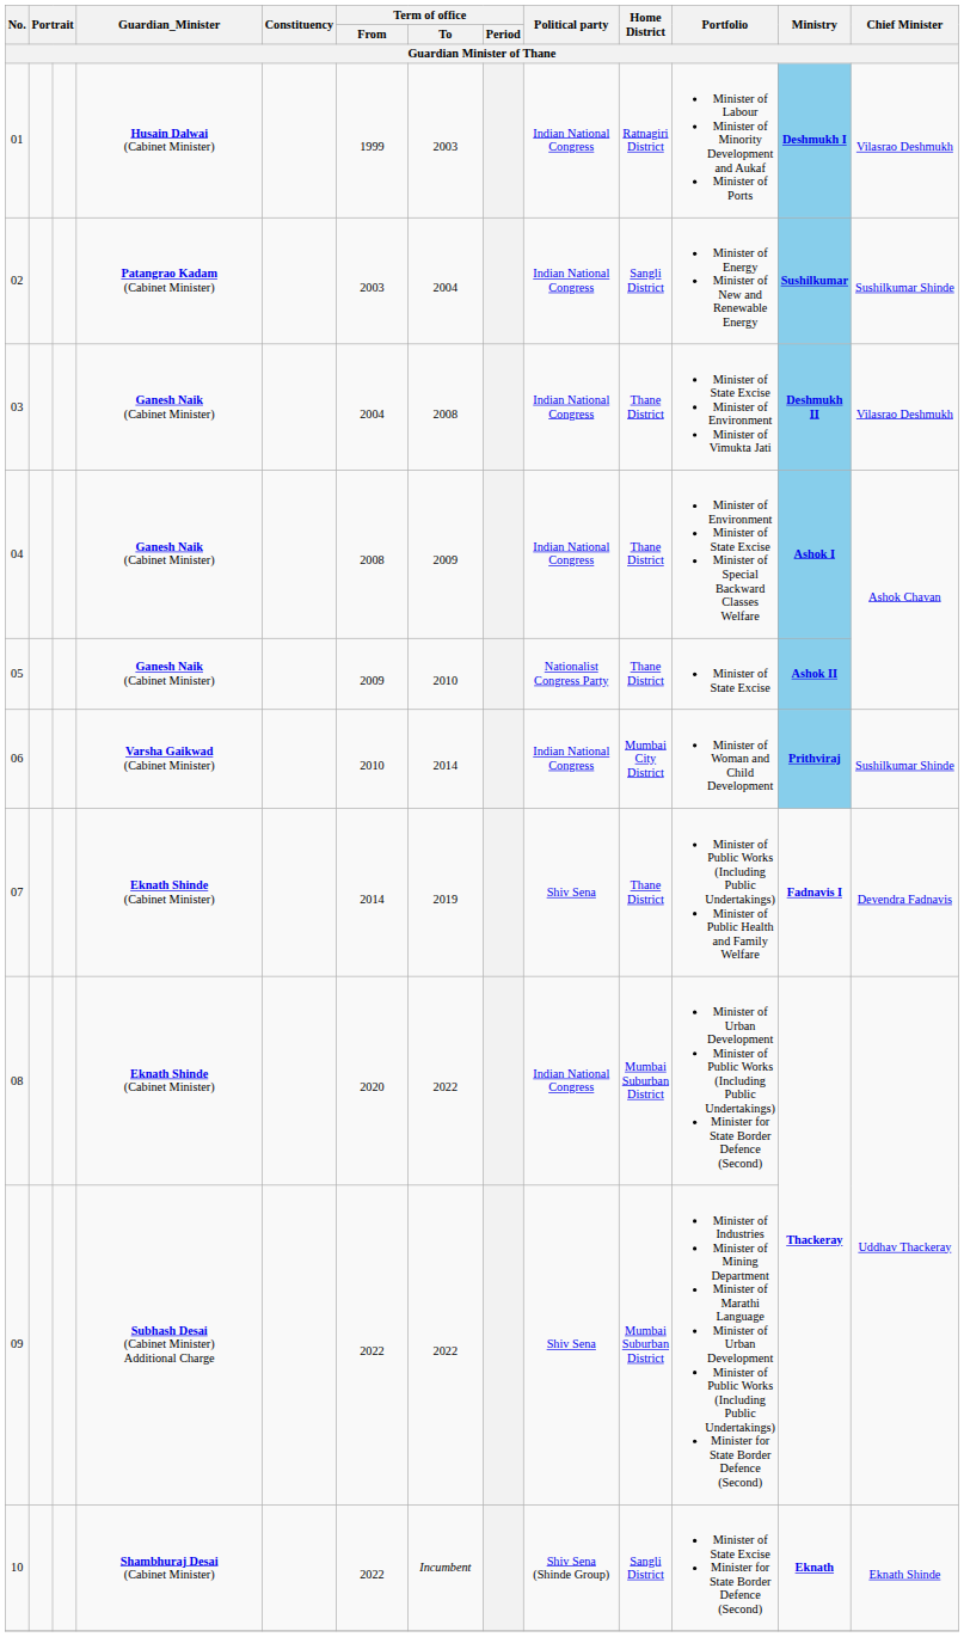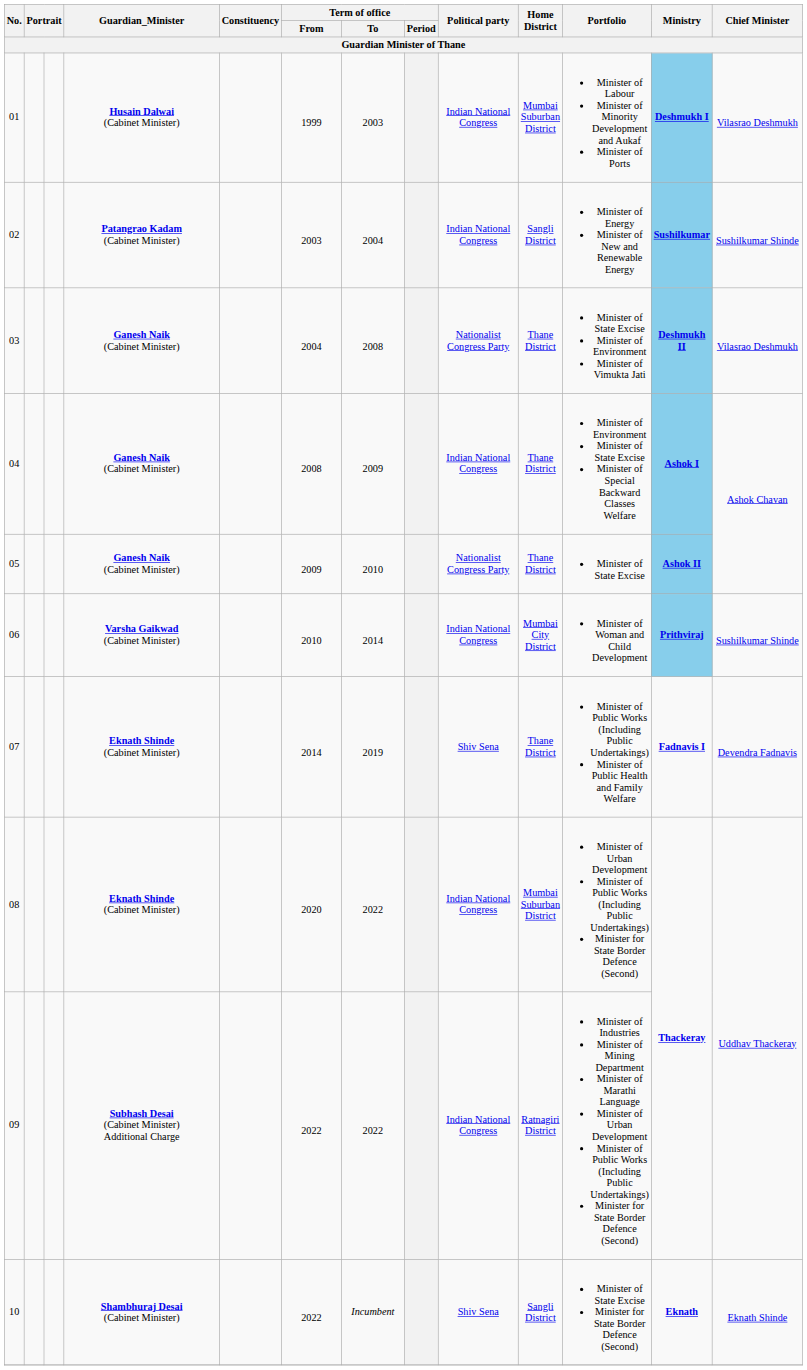 <table class="wikitable" style="text-align:center">
 <tr>
 <th rowspan="2">No.</th>
 <th rowspan="2" colspan="2">Portrait</th>
 <th rowspan="2" style="width:16em">Guardian_Minister</th>
 <th rowspan="2">Constituency</th>
 <th colspan="3">Term of office</th>
 <th rowspan="2" style="width:8em">Political party</th>
 <th rowspan="2">Home District</th>
 <th rowspan="2">Portfolio</th>
 <th rowspan="2">Ministry</th>
 <th rowspan="2" style="width:9em">Chief Minister</th>
 </tr>
 <tr>
 <th style="width:6em">From</th>
 <th style="width:6em">To</th>
 <th>Period</th>
 </tr>
 <tr>
 <th colspan="13">Guardian Minister of Thane</th>
 </tr>
 <tr>
 <td>01</td>
 <td></td>
 <td></td>
 <td><strong><a href='#'>Husain Dalwai</a></strong> <br> (Cabinet Minister)</td>
 <td><br> </td>
 <td><br>1999</td>
 <td><br>2003</td>
 <th></th>
 <td><a href='#'>Indian National Congress</a></td>
-<td><a href='#'>Ratnagiri District</a></td>
+<td><a href='#'>Mumbai Suburban District</a></td>
 <td><br><ul><li>Minister of Labour</li><li>Minister of  Minority Development and Aukaf</li><li>Minister of Ports</li></ul></td>
 <td rowspan="1" bgcolor="#87CEEB"><a href='#'><strong>Deshmukh I</strong></a></td>
 <td rowspan="1"> <br><a href='#'>Vilasrao Deshmukh</a></td>
 </tr>
 <tr>
 <td>02</td>
 <td></td>
 <td></td>
 <td><strong><a href='#'>Patangrao Kadam</a></strong> <br> (Cabinet Minister)</td>
 <td><br> </td>
 <td><br>2003</td>
 <td><br>2004</td>
 <th></th>
 <td><a href='#'>Indian National Congress</a></td>
 <td><a href='#'>Sangli District</a></td>
 <td><br><ul><li>Minister of Energy</li><li>Minister of New and Renewable Energy</li></ul></td>
 <td rowspan="1" bgcolor="#87CEEB"><a href='#'><strong>Sushilkumar</strong></a></td>
 <td rowspan="1"> <br><a href='#'>Sushilkumar Shinde</a></td>
 </tr>
 <tr>
 <td>03</td>
 <td></td>
 <td></td>
 <td><strong><a href='#'>Ganesh Naik</a></strong> <br> (Cabinet Minister)</td>
 <td></td>
 <td><br>2004</td>
 <td><br>2008</td>
 <th></th>
-<td><a href='#'>Indian National Congress</a></td>
+<td><a href='#'>Nationalist Congress Party</a></td>
 <td><a href='#'>Thane District</a></td>
 <td><br><ul><li>Minister of State Excise</li><li>Minister of Environment</li><li>Minister of Vimukta Jati</li></ul></td>
 <td rowspan="1" bgcolor="#87CEEB"><a href='#'><strong>Deshmukh II</strong></a></td>
 <td rowspan="1"> <br><a href='#'>Vilasrao Deshmukh</a></td>
 </tr>
 <tr>
 <td>04</td>
 <td></td>
 <td></td>
 <td><strong><a href='#'>Ganesh Naik</a></strong> <br> (Cabinet Minister)</td>
 <td></td>
 <td><br>2008</td>
 <td><br>2009</td>
 <th></th>
 <td><a href='#'>Indian National Congress</a></td>
 <td><a href='#'>Thane District</a></td>
 <td><br><ul><li>Minister of Environment</li><li>Minister of State Excise</li><li>Minister of Special Backward Classes Welfare</li></ul></td>
 <td rowspan="1" bgcolor="#87CEEB"><a href='#'><strong>Ashok I</strong></a></td>
 <td rowspan="2"><br><a href='#'>Ashok Chavan</a></td>
 </tr>
 <tr>
 <td>05</td>
 <td></td>
 <td></td>
 <td><strong><a href='#'>Ganesh Naik</a></strong>  <br> (Cabinet Minister)</td>
 <td></td>
 <td><br>2009</td>
 <td><br>2010</td>
 <th></th>
 <td><a href='#'>Nationalist Congress Party</a></td>
 <td><a href='#'>Thane District</a></td>
 <td><br><ul><li>Minister of State Excise</li></ul></td>
 <td rowspan="1"bgcolor="#87CEEB"><a href='#'><strong>Ashok II</strong></a></td>
 </tr>
 <tr>
 <td>06</td>
 <td></td>
 <td></td>
 <td><strong><a href='#'>Varsha Gaikwad</a></strong> <br> (Cabinet Minister)</td>
 <td><br> </td>
 <td><br>2010</td>
 <td><br>2014</td>
 <th></th>
 <td><a href='#'>Indian National Congress</a></td>
 <td><a href='#'>Mumbai City District</a></td>
 <td><br><ul><li>Minister of Woman and Child Development</li></ul></td>
 <td rowspan="1" bgcolor="#87CEEB"><a href='#'><strong>Prithviraj</strong></a></td>
 <td rowspan="1"> <br><a href='#'>Sushilkumar Shinde</a></td>
 </tr>
 <tr>
 <td>07</td>
 <td></td>
 <td></td>
 <td><strong><a href='#'>Eknath Shinde</a></strong> <br> (Cabinet Minister)</td>
 <td><br> </td>
 <td><br>2014</td>
 <td><br>2019</td>
 <th></th>
 <td rowspan="1"><a href='#'>Shiv Sena</a></td>
 <td><a href='#'>Thane District</a></td>
 <td><br><ul><li>Minister of Public Works (Including Public Undertakings)</li><li>Minister of Public Health and Family Welfare</li></ul></td>
 <td rowspan="1"><a href='#'><strong>Fadnavis I</strong></a></td>
 <td rowspan="1"> <br><a href='#'>Devendra Fadnavis</a></td>
 </tr>
 <tr>
 <td>08</td>
 <td></td>
 <td></td>
 <td><strong><a href='#'>Eknath Shinde</a></strong> <br> (Cabinet Minister)</td>
 <td><br> </td>
 <td><br>2020</td>
 <td><br>2022</td>
 <th></th>
 <td><a href='#'>Indian National Congress</a></td>
 <td><a href='#'>Mumbai Suburban District</a></td>
 <td><br><ul><li>Minister of Urban Development</li><li>Minister of Public Works (Including Public Undertakings)</li><li>Minister for State Border Defence (Second)</li></ul></td>
 <td rowspan="2"><a href='#'><strong>Thackeray</strong></a></td>
 <td rowspan="2"> <br><a href='#'>Uddhav Thackeray</a></td>
 </tr>
 <tr>
 <td>09</td>
 <td></td>
 <td></td>
 <td><strong><a href='#'>Subhash Desai</a></strong> <br> (Cabinet Minister) <br> Additional Charge</td>
 <td><br> </td>
 <td><br>2022</td>
 <td><br>2022</td>
 <th></th>
-<td><a href='#'>Shiv Sena</a></td>
-<td><a href='#'>Mumbai Suburban District</a></td>
+<td><a href='#'>Indian National Congress</a></td>
+<td><a href='#'>Ratnagiri District</a></td>
 <td><br><ul><li>Minister of Industries</li><li>Minister of Mining Department</li><li>Minister of Marathi Language</li><li>Minister of Urban Development</li><li>Minister of Public Works (Including Public Undertakings)</li><li>Minister for State Border Defence (Second)</li></ul></td>
 </tr>
 <tr>
 <td>10</td>
 <td></td>
 <td></td>
 <td><strong><a href='#'>Shambhuraj Desai</a></strong> <br> (Cabinet Minister)</td>
 <td><br> </td>
 <td><br>2022</td>
 <td><em>Incumbent</em></td>
 <th></th>
-<td><a href='#'>Shiv Sena</a> (Shinde Group)</td>
+<td><a href='#'>Shiv Sena</a></td>
 <td><a href='#'>Sangli District</a></td>
 <td><br><ul><li>Minister of State Excise</li><li>Minister for State Border Defence (Second)</li></ul></td>
 <td rowspan="1"><a href='#'><strong>Eknath</strong></a></td>
 <td rowspan="1"> <br><a href='#'>Eknath Shinde</a></td>
 </tr>
 <tr>
 </tr>
 </table>
